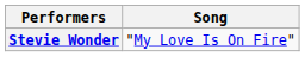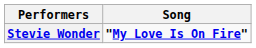 <table class="wikitable unsortable" style="text-align:center;">
 <tr>
 <th scope="col">Performers</th>
 <th scope="col">Song</th>
 </tr>
 <tr>
 <th scope="row"><a href='#'>Stevie Wonder</a></th>
-<td>"<a href='#'>My Love Is On Fire</a>"</td>
+<td><strong>"<a href='#'>My Love Is On Fire</a>"</strong></td>
 </tr>
 </table>
